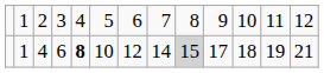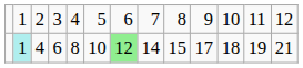 <table class="wikitable">
 <tr>
 <td></td>
 <td>1</td>
 <td>2</td>
 <td>3</td>
 <td>4</td>
 <td style="text-align:right">5</td>
 <td style="text-align:right">6</td>
 <td style="text-align:right">7</td>
 <td style="text-align:right">8</td>
 <td style="text-align:right">9</td>
 <td>10</td>
 <td>11</td>
 <td>12</td>
 </tr>
 <tr>
 <td></td>
-<td>1</td>
+<td style="background: paleturquoise;">1</td>
 <td>4</td>
 <td>6</td>
-<td><strong>8</strong></td>
+<td>8</td>
 <td>10</td>
-<td>12</td>
+<td style="background: lightgreen;">12</td>
 <td>14</td>
-<td style="background: lightgrey;">15</td>
+<td>15</td>
 <td>17</td>
 <td>18</td>
 <td>19</td>
 <td>21</td>
 </tr>
 </table>
